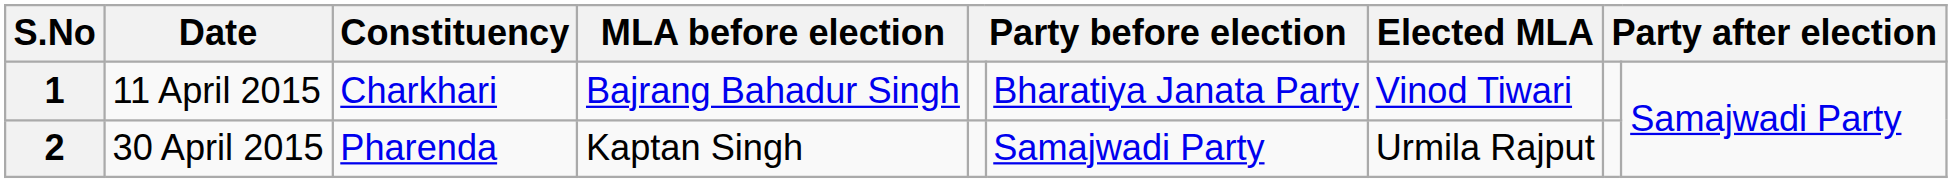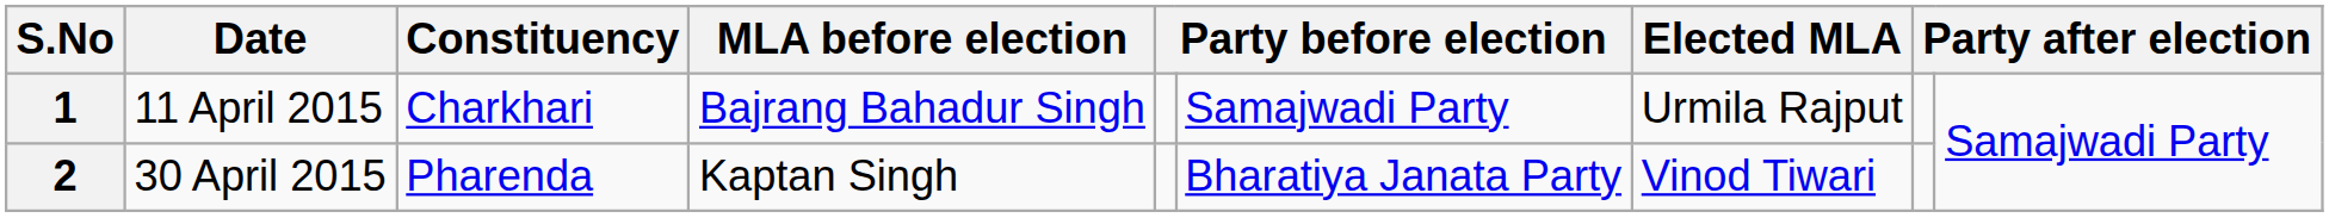 <table class="wikitable sortable">
 <tr>
 <th>S.No</th>
 <th>Date</th>
 <th>Constituency</th>
 <th>MLA before election</th>
 <th colspan="2">Party before election</th>
 <th>Elected MLA</th>
 <th colspan="2">Party after election</th>
 </tr>
 <tr>
 <th>1</th>
 <td>11 April 2015</td>
 <td><a href='#'>Charkhari</a></td>
 <td><a href='#'>Bajrang Bahadur Singh</a></td>
 <td></td>
-<td><a href='#'>Bharatiya Janata Party</a></td>
-<td><a href='#'>Vinod Tiwari</a></td>
+<td><a href='#'>Samajwadi Party</a></td>
+<td>Urmila Rajput</td>
 <td></td>
 <td rowspan="2"><a href='#'>Samajwadi Party</a></td>
 </tr>
 <tr>
 <th>2</th>
 <td>30 April 2015</td>
 <td><a href='#'>Pharenda</a></td>
 <td>Kaptan Singh</td>
 <td></td>
-<td><a href='#'>Samajwadi Party</a></td>
-<td>Urmila Rajput</td>
+<td><a href='#'>Bharatiya Janata Party</a></td>
+<td><a href='#'>Vinod Tiwari</a></td>
 <td></td>
 </tr>
 </table>
